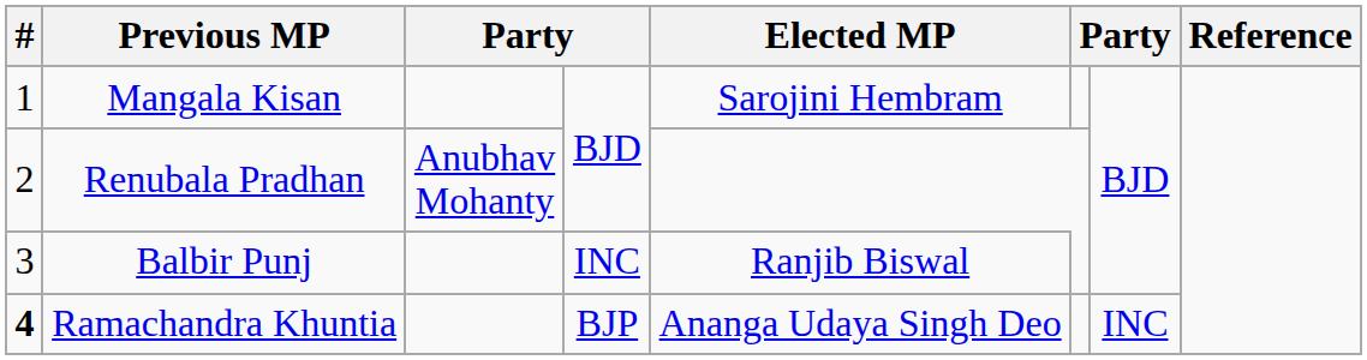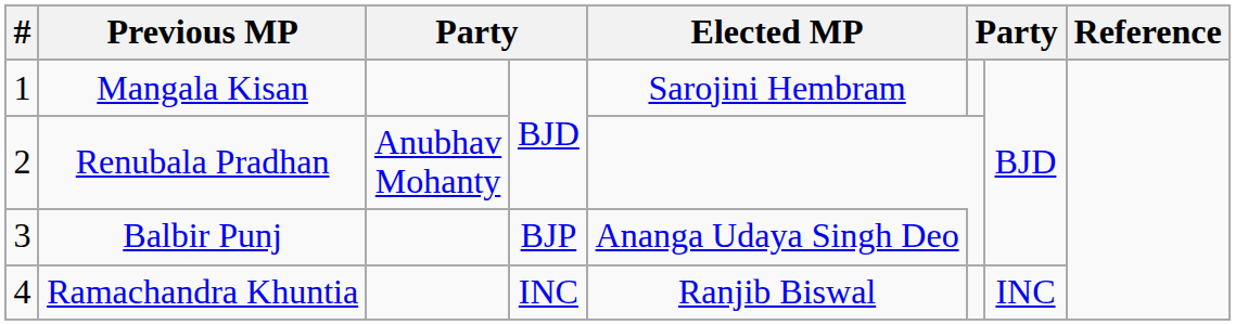 <table class="wikitable">
 <tr>
 <th>#</th>
 <th>Previous MP</th>
 <th colspan=2>Party</th>
 <th>Elected MP</th>
 <th colspan=2>Party</th>
 <th>Reference</th>
 </tr>
 <tr style="text-align:center;">
 <td>1</td>
 <td><a href='#'>Mangala Kisan</a></td>
 <td width="1px"></td>
 <td rowspan=2><a href='#'>BJD</a></td>
 <td><a href='#'>Sarojini Hembram</a></td>
 <td width="1px"></td>
 <td rowspan=3><a href='#'>BJD</a></td>
 <td rowspan=4></td>
 </tr>
 <tr style="text-align:center;">
 <td>2</td>
 <td><a href='#'>Renubala Pradhan</a></td>
 <td><a href='#'>Anubhav Mohanty</a></td>
 </tr>
 <tr style="text-align:center;">
 <td>3</td>
 <td><a href='#'>Balbir Punj</a></td>
 <td width="1px"></td>
+<td rowspan=1><a href='#'>BJP</a></td>
+<td><a href='#'>Ananga Udaya Singh Deo</a></td>
+</tr>
+<tr style="text-align:center;">
+<td>4</td>
+<td><a href='#'>Ramachandra Khuntia</a></td>
+<td width="1px"></td>
 <td rowspan=1><a href='#'>INC</a></td>
 <td><a href='#'>Ranjib Biswal</a></td>
-</tr>
-<tr style="text-align:center;">
-<td><strong>4</strong></td>
-<td><a href='#'>Ramachandra Khuntia</a></td>
-<td width="1px"></td>
-<td rowspan=1><a href='#'>BJP</a></td>
-<td><a href='#'>Ananga Udaya Singh Deo</a></td>
 <td width="1px"></td>
 <td rowspan=1><a href='#'>INC</a></td>
 </tr>
 </table>
